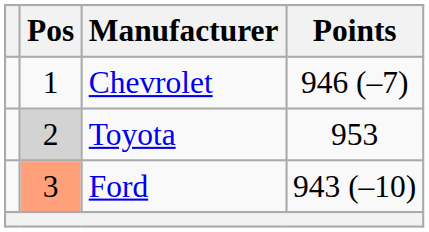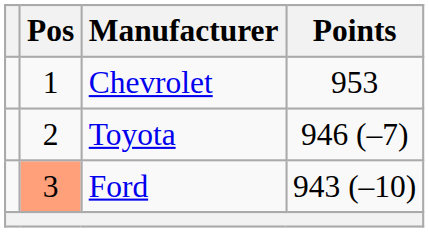 <table class="wikitable" style="font-size: 95%">
 <tr>
 <th></th>
 <th>Pos</th>
 <th>Manufacturer</th>
 <th>Points</th>
 </tr>
 <tr>
 <td align="left"></td>
 <td style="text-align:center;">1</td>
 <td><a href='#'>Chevrolet</a></td>
-<td style="text-align:center;">946 (–7)</td>
+<td style="text-align:center;">953</td>
 </tr>
 <tr>
 <td align="left"></td>
-<td style="background: lightgrey; text-align:center;">2</td>
+<td style="text-align:center;">2</td>
 <td><a href='#'>Toyota</a></td>
-<td style="text-align:center;">953</td>
+<td style="text-align:center;">946 (–7)</td>
 </tr>
 <tr>
 <td align="left"></td>
 <td style="background: lightsalmon; text-align:center;">3</td>
 <td><a href='#'>Ford</a></td>
 <td style="text-align:center;">943 (–10)</td>
 </tr>
 <tr class="sortbottom">
 <th colspan="9"></th>
 </tr>
 </table>
